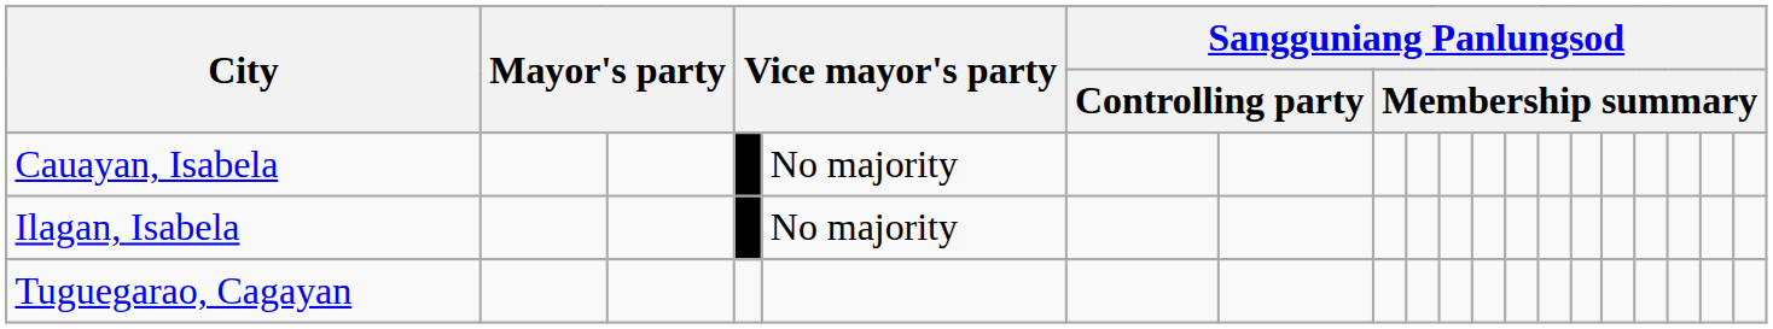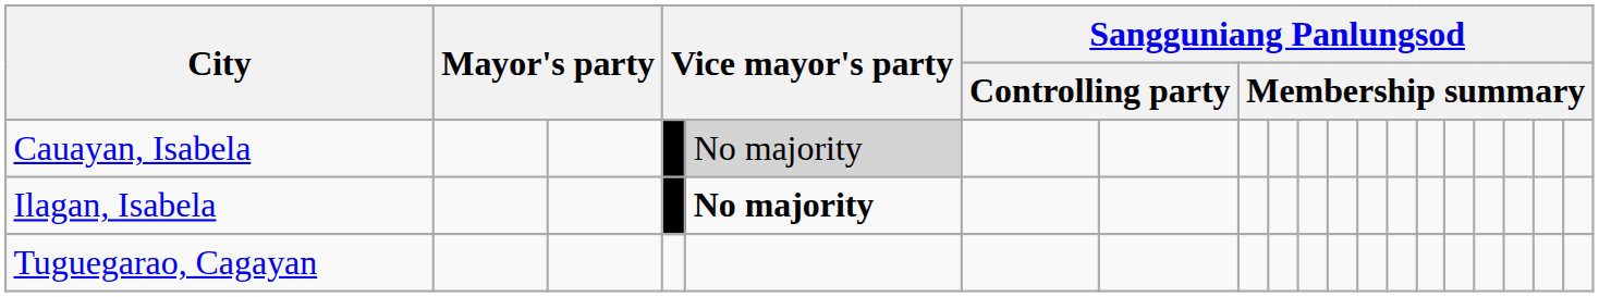 <table class="wikitable" style="font-size:95%;">
 <tr>
 <th width="180px" rowspan="2">City</th>
 <th colspan="2" rowspan="2">Mayor's party</th>
 <th colspan="2" rowspan="2">Vice mayor's party</th>
 <th colspan="16"><a href='#'>Sangguniang Panlungsod</a></th>
 </tr>
 <tr>
 <th colspan="2">Controlling party</th>
 <th colspan="14">Membership summary</th>
 </tr>
 <tr>
 <td><a href='#'>Cauayan, Isabela</a></td>
 <td></td>
 <td></td>
 <td bgcolor="black"></td>
-<td>No majority</td>
+<td style="background: lightgrey;">No majority</td>
 <td> </td>
 <td> </td>
 <td> </td>
 <td> </td>
 <td> </td>
 <td> </td>
 <td> </td>
 <td> </td>
 <td> </td>
 <td> </td>
 <td> </td>
 <td> </td>
 <td> </td>
 <td> </td>
 </tr>
 <tr>
 <td><a href='#'>Ilagan, Isabela</a></td>
 <td></td>
 <td></td>
 <td bgcolor="black"></td>
-<td>No majority</td>
+<td><strong>No majority</strong></td>
 <td style="color:inherit;background:"></td>
 <td style="color:inherit;background:"></td>
 <td style="color:inherit;background:"></td>
 <td style="color:inherit;background:"></td>
 <td style="color:inherit;background:"></td>
 <td style="color:inherit;background:"></td>
 <td style="color:inherit;background:"></td>
 <td style="color:inherit;background:"></td>
 <td style="color:inherit;background:"></td>
 <td style="color:inherit;background:"></td>
 <td style="color:inherit;background:"></td>
 <td style="color:inherit;background:"></td>
 <td></td>
 <td></td>
 </tr>
 <tr>
 <td><a href='#'>Tuguegarao, Cagayan</a></td>
 <td></td>
 <td></td>
 <td></td>
 <td style="color:inherit;background:"></td>
 <td style="color:inherit;background:"></td>
 <td style="color:inherit;background:"></td>
 <td style="color:inherit;background:"></td>
 <td style="color:inherit;background:"></td>
 <td style="color:inherit;background:"></td>
 <td style="color:inherit;background:"></td>
 <td style="color:inherit;background:"></td>
 <td style="color:inherit;background:"></td>
 <td style="color:inherit;background:"></td>
 <td style="color:inherit;background:"></td>
 <td style="color:inherit;background:"></td>
 <td style="color:inherit;background:"></td>
 <td style="color:inherit;background:"></td>
 </tr>
 </table>
